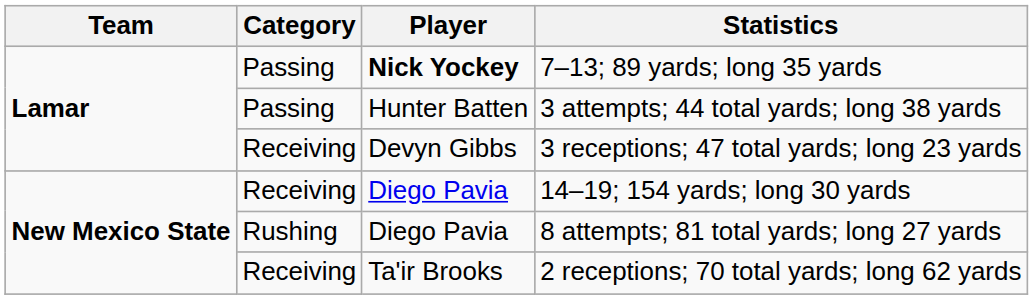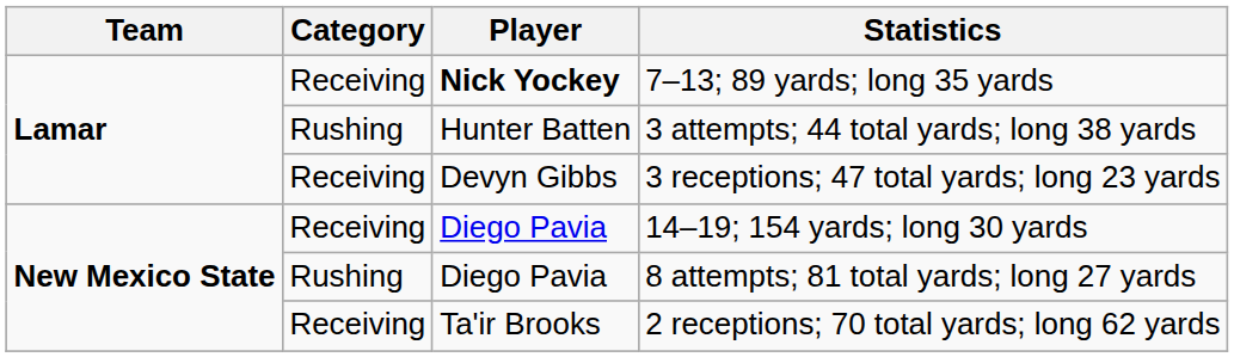 <table class="wikitable" style="float: right;">
 <tr>
 <th>Team</th>
 <th>Category</th>
 <th>Player</th>
 <th>Statistics</th>
 </tr>
 <tr>
 <td rowspan=3><strong>Lamar</strong></td>
-<td>Passing</td>
+<td>Receiving</td>
 <td><strong>Nick Yockey</strong></td>
 <td>7–13; 89 yards; long 35 yards</td>
 </tr>
 <tr>
-<td>Passing</td>
+<td>Rushing</td>
 <td>Hunter Batten</td>
 <td>3 attempts; 44 total yards; long 38 yards</td>
 </tr>
 <tr>
 <td>Receiving</td>
 <td>Devyn Gibbs</td>
 <td>3 receptions; 47 total yards; long 23 yards</td>
 </tr>
 <tr>
 <td rowspan=3><strong>New Mexico State</strong></td>
 <td>Receiving</td>
 <td><a href='#'>Diego Pavia</a></td>
 <td>14–19; 154 yards; long 30 yards</td>
 </tr>
 <tr>
 <td>Rushing</td>
 <td>Diego Pavia</td>
 <td>8 attempts; 81 total yards; long 27 yards</td>
 </tr>
 <tr>
 <td>Receiving</td>
 <td>Ta'ir Brooks</td>
 <td>2 receptions; 70 total yards; long 62 yards</td>
 </tr>
 </table>
